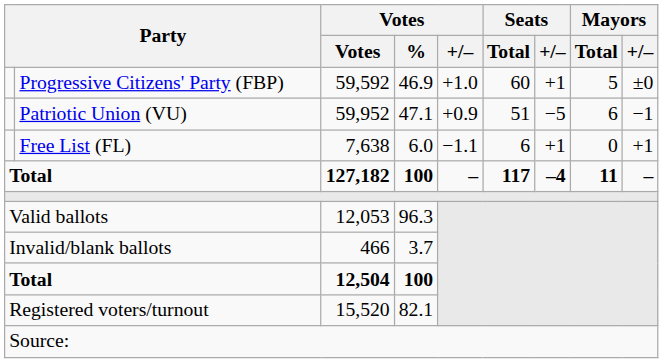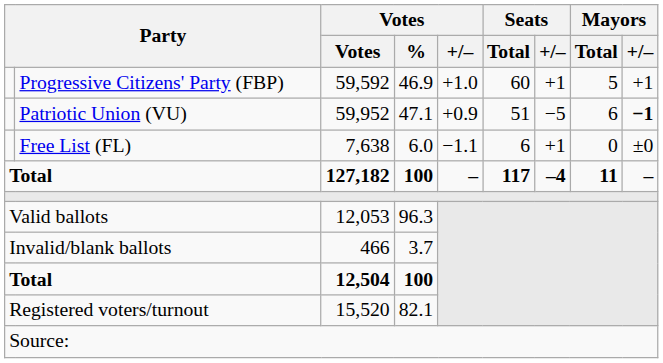 <table class=wikitable style=text-align:right>
 <tr>
 <th colspan=2 rowspan=2 width ='250px'>Party</th>
 <th colspan=3>Votes</th>
 <th colspan=2>Seats</th>
 <th colspan=2>Mayors</th>
 </tr>
 <tr>
 <th>Votes</th>
 <th>%</th>
 <th>+/–</th>
 <th>Total</th>
 <th>+/–</th>
 <th>Total</th>
 <th>+/–</th>
 </tr>
 <tr>
 <td width="1"></td>
 <td align=left><a href='#'>Progressive Citizens' Party</a> (FBP)</td>
 <td>59,592</td>
 <td>46.9</td>
 <td>+1.0</td>
 <td>60</td>
 <td>+1</td>
 <td>5</td>
-<td>±0</td>
+<td>+1</td>
 </tr>
 <tr>
 <td width="1"></td>
 <td align=left><a href='#'>Patriotic Union</a> (VU)</td>
 <td>59,952</td>
 <td>47.1</td>
 <td>+0.9</td>
 <td>51</td>
 <td>−5</td>
 <td>6</td>
-<td>−1</td>
+<td><strong>−1</strong></td>
 </tr>
 <tr>
 <td width="1"></td>
 <td align=left><a href='#'>Free List</a> (FL)</td>
 <td>7,638</td>
 <td>6.0</td>
 <td>−1.1</td>
 <td>6</td>
 <td>+1</td>
 <td>0</td>
-<td>+1</td>
+<td>±0</td>
 </tr>
 <tr>
 <td colspan=2 align=left><strong>Total</strong></td>
 <td><strong>127,182</strong></td>
 <td><strong>100</strong></td>
 <td><strong>–</strong></td>
 <td><strong>117</strong></td>
 <td><strong>–4</strong></td>
 <td><strong>11</strong></td>
 <td><strong>–</strong></td>
 </tr>
 <tr>
 <td colspan=9 style="color:inherit;background:#E9E9E9"></td>
 </tr>
 <tr>
 <td colspan=2 align=left>Valid ballots</td>
 <td>12,053</td>
 <td>96.3</td>
 <td colspan=5 rowspan=4 bgcolor=#E9E9E9></td>
 </tr>
 <tr>
 <td colspan=2 align=left>Invalid/blank ballots</td>
 <td>466</td>
 <td>3.7</td>
 </tr>
 <tr>
 <td colspan=2 align=left><strong>Total</strong></td>
 <td><strong>12,504</strong></td>
 <td><strong>100</strong></td>
 </tr>
 <tr>
 <td colspan=2 align=left>Registered voters/turnout</td>
 <td>15,520</td>
 <td>82.1</td>
 </tr>
 <tr>
 <td align=left colspan=9>Source: </td>
 </tr>
 </table>
